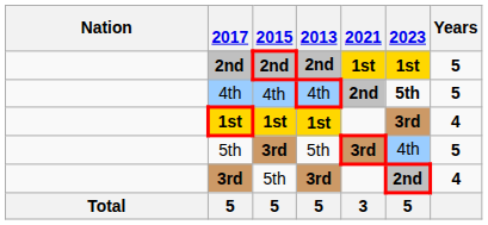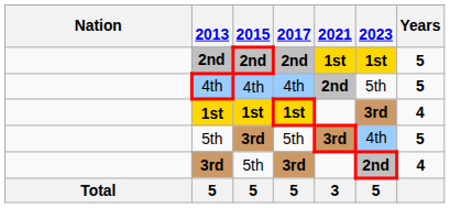 <table class="wikitable" style="text-align:center; font-size:90%">
 <tr>
 <th width=170>Nation</th>
+<th><br><a href='#'>2013</a></th>
+<th><br><a href='#'>2015</a></th>
 <th><br><a href='#'>2017</a></th>
-<th><br><a href='#'>2015</a></th>
-<th><br><a href='#'>2013</a></th>
 <th><br><a href='#'>2021</a></th>
 <th><br><a href='#'>2023</a></th>
 <th>Years</th>
 </tr>
 <tr>
 <td align=left></td>
 <td bgcolor=silver><strong>2nd</strong></td>
 <td bgcolor=silver style="border:3px solid red"><strong>2nd</strong></td>
 <td bgcolor=silver><strong>2nd</strong></td>
 <td bgcolor=gold><strong>1st</strong></td>
 <td bgcolor=gold><strong>1st</strong></td>
 <td><strong>5</strong></td>
 </tr>
 <tr>
 <td align=left></td>
+<td bgcolor=#9acdff style="border:3px solid red">4th</td>
 <td bgcolor=#9acdff>4th</td>
 <td bgcolor=#9acdff>4th</td>
-<td bgcolor=#9acdff style="border:3px solid red">4th</td>
 <td bgcolor=silver><strong>2nd</strong></td>
-<td><strong>5th</strong></td>
+<td>5th</td>
 <td><strong>5</strong></td>
 </tr>
 <tr>
 <td align=left></td>
-<td bgcolor=gold style="border:3px solid red"><strong>1st</strong></td>
 <td bgcolor=gold><strong>1st</strong></td>
 <td bgcolor=gold><strong>1st</strong></td>
+<td bgcolor=gold style="border:3px solid red"><strong>1st</strong></td>
 <td></td>
 <td bgcolor=#cc9966><strong>3rd</strong></td>
 <td><strong>4</strong></td>
 </tr>
 <tr>
 <td align=left></td>
 <td>5th</td>
 <td bgcolor=#cc9966><strong>3rd</strong></td>
 <td>5th</td>
 <td bgcolor=#cc9966 style="border:3px solid red"><strong>3rd</strong></td>
 <td bgcolor=#9acdff>4th</td>
 <td><strong>5</strong></td>
 </tr>
 <tr>
 <td align=left></td>
 <td bgcolor=#cc9966><strong>3rd</strong></td>
 <td>5th</td>
 <td bgcolor=#cc9966><strong>3rd</strong></td>
 <td></td>
 <td bgcolor=silver style="border:3px solid red"><strong>2nd</strong></td>
 <td><strong>4</strong></td>
 </tr>
 <tr>
 <th>Total</th>
 <th>5</th>
 <th>5</th>
 <th>5</th>
 <th>3</th>
 <th>5</th>
 <th></th>
 </tr>
 </table>
